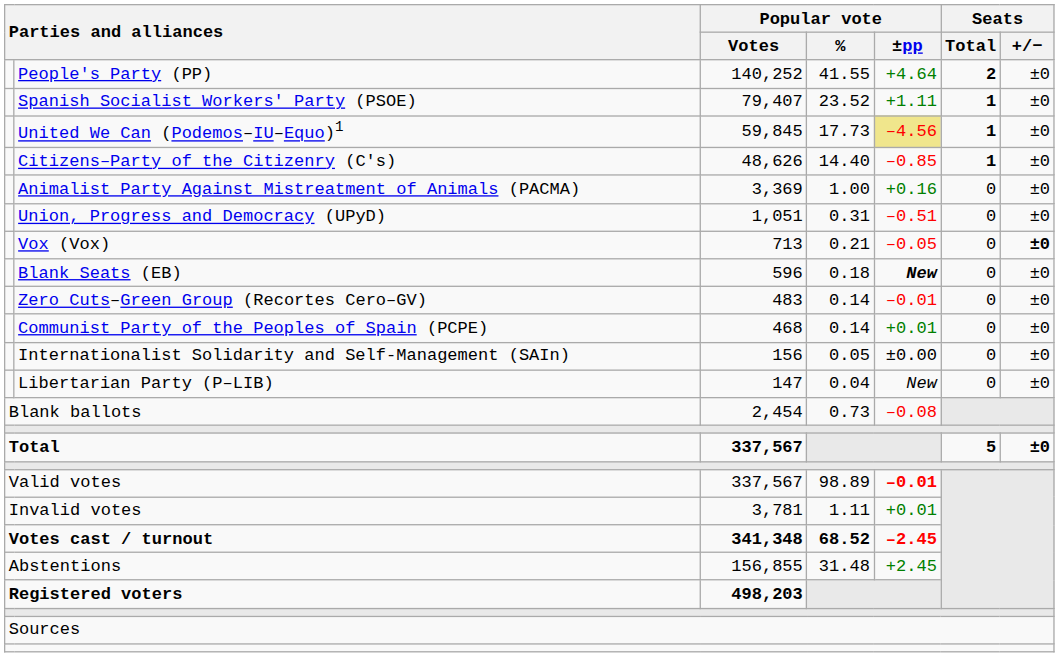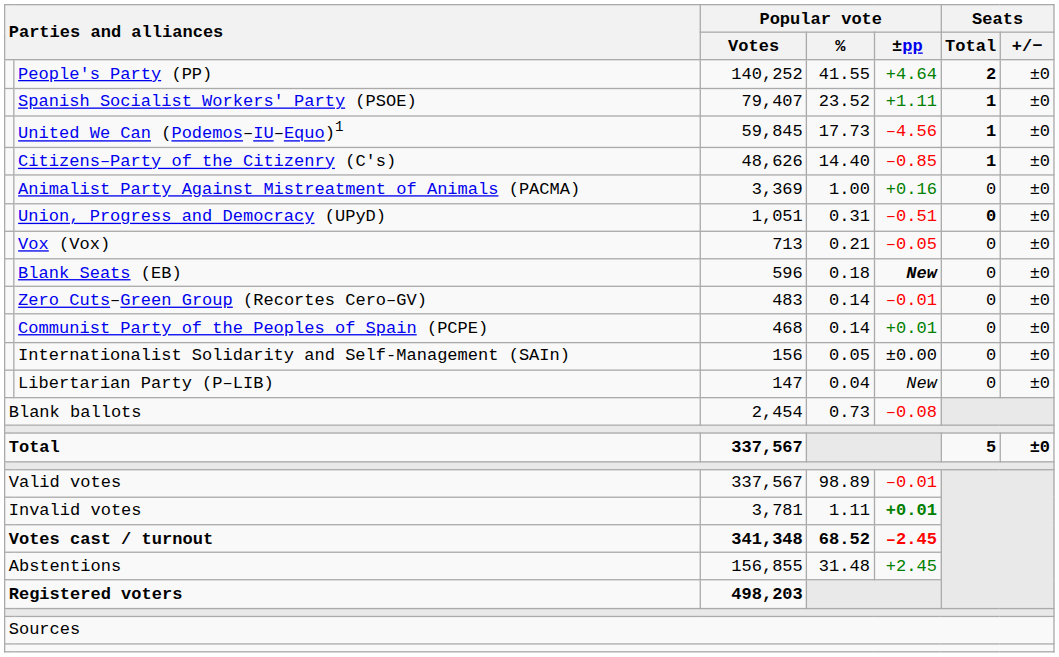 <table class="wikitable" style="text-align:right;">
 <tr>
 <th style="text-align:left;" rowspan="2" colspan="2" width="525">Parties and alliances</th>
 <th colspan="3">Popular vote</th>
 <th colspan="2">Seats</th>
 </tr>
 <tr>
 <th width="75">Votes</th>
 <th width="45">%</th>
 <th width="45">±<a href='#'>pp</a></th>
 <th width="35">Total</th>
 <th width="35">+/−</th>
 </tr>
 <tr>
 <td width="1" style="color:inherit;background:"></td>
 <td align="left"><a href='#'>People's Party</a> (PP)</td>
 <td>140,252</td>
 <td>41.55</td>
 <td style="color:green;">+4.64</td>
 <td><strong>2</strong></td>
 <td>±0</td>
 </tr>
 <tr>
 <td style="color:inherit;background:"></td>
 <td align="left"><a href='#'>Spanish Socialist Workers' Party</a> (PSOE)</td>
 <td>79,407</td>
 <td>23.52</td>
 <td style="color:green;">+1.11</td>
 <td><strong>1</strong></td>
 <td>±0</td>
 </tr>
 <tr>
 <td style="color:inherit;background:"></td>
 <td align="left"><a href='#'>United We Can</a> (<a href='#'>Podemos</a>–<a href='#'>IU</a>–<a href='#'>Equo</a>)<sup>1</sup></td>
 <td>59,845</td>
 <td>17.73</td>
-<td style="background: khaki; color:red;">–4.56</td>
+<td style="color:red;">–4.56</td>
 <td><strong>1</strong></td>
 <td>±0</td>
 </tr>
 <tr>
 <td style="color:inherit;background:"></td>
 <td align="left"><a href='#'>Citizens–Party of the Citizenry</a> (C's)</td>
 <td>48,626</td>
 <td>14.40</td>
 <td style="color:red;">–0.85</td>
 <td><strong>1</strong></td>
 <td>±0</td>
 </tr>
 <tr>
 <td style="color:inherit;background:"></td>
 <td align="left"><a href='#'>Animalist Party Against Mistreatment of Animals</a> (PACMA)</td>
 <td>3,369</td>
 <td>1.00</td>
 <td style="color:green;">+0.16</td>
 <td>0</td>
 <td>±0</td>
 </tr>
 <tr>
 <td style="color:inherit;background:"></td>
 <td align="left"><a href='#'>Union, Progress and Democracy</a> (UPyD)</td>
 <td>1,051</td>
 <td>0.31</td>
 <td style="color:red;">–0.51</td>
-<td>0</td>
+<td><strong>0</strong></td>
 <td>±0</td>
 </tr>
 <tr>
 <td style="color:inherit;background:"></td>
 <td align="left"><a href='#'>Vox</a> (Vox)</td>
 <td>713</td>
 <td>0.21</td>
 <td style="color:red;">–0.05</td>
 <td>0</td>
-<td><strong>±0</strong></td>
+<td>±0</td>
 </tr>
 <tr>
 <td style="color:inherit;background:"></td>
 <td align="left"><a href='#'>Blank Seats</a> (EB)</td>
 <td>596</td>
 <td>0.18</td>
 <td><strong><em>New</em></strong></td>
 <td>0</td>
 <td>±0</td>
 </tr>
 <tr>
 <td style="color:inherit;background:"></td>
 <td align="left"><a href='#'>Zero Cuts</a>–<a href='#'>Green Group</a> (Recortes Cero–GV)</td>
 <td>483</td>
 <td>0.14</td>
 <td style="color:red;">–0.01</td>
 <td>0</td>
 <td>±0</td>
 </tr>
 <tr>
 <td style="color:inherit;background:"></td>
 <td align="left"><a href='#'>Communist Party of the Peoples of Spain</a> (PCPE)</td>
 <td>468</td>
 <td>0.14</td>
 <td style="color:green;">+0.01</td>
 <td>0</td>
 <td>±0</td>
 </tr>
 <tr>
 <td style="color:inherit;background:"></td>
 <td align="left">Internationalist Solidarity and Self-Management (SAIn)</td>
 <td>156</td>
 <td>0.05</td>
 <td>±0.00</td>
 <td>0</td>
 <td>±0</td>
 </tr>
 <tr>
 <td style="color:inherit;background:"></td>
 <td align="left">Libertarian Party (P–LIB)</td>
 <td>147</td>
 <td>0.04</td>
 <td><em>New</em></td>
 <td>0</td>
 <td>±0</td>
 </tr>
 <tr>
 <td align="left" colspan="2">Blank ballots</td>
 <td>2,454</td>
 <td>0.73</td>
 <td style="color:red;">–0.08</td>
 <td bgcolor="#E9E9E9" colspan="2"></td>
 </tr>
 <tr>
 <td colspan="7" bgcolor="#E9E9E9"></td>
 </tr>
 <tr style="font-weight:bold;">
 <td align="left" colspan="2">Total</td>
 <td>337,567</td>
 <td bgcolor="#E9E9E9" colspan="2"></td>
 <td>5</td>
 <td>±0</td>
 </tr>
 <tr>
 <td colspan="7" bgcolor="#E9E9E9"></td>
 </tr>
 <tr>
 <td align="left" colspan="2">Valid votes</td>
 <td>337,567</td>
 <td>98.89</td>
-<td style="color:red;"><strong>–0.01</strong></td>
+<td style="color:red;">–0.01</td>
 <td bgcolor="#E9E9E9" colspan="2" rowspan="5"></td>
 </tr>
 <tr>
 <td align="left" colspan="2">Invalid votes</td>
 <td>3,781</td>
 <td>1.11</td>
-<td style="color:green;">+0.01</td>
+<td style="color:green;"><strong>+0.01</strong></td>
 </tr>
 <tr style="font-weight:bold;">
 <td align="left" colspan="2">Votes cast / turnout</td>
 <td>341,348</td>
 <td>68.52</td>
 <td style="color:red;">–2.45</td>
 </tr>
 <tr>
 <td align="left" colspan="2">Abstentions</td>
 <td>156,855</td>
 <td>31.48</td>
 <td style="color:green;">+2.45</td>
 </tr>
 <tr style="font-weight:bold;">
 <td align="left" colspan="2">Registered voters</td>
 <td>498,203</td>
 <td bgcolor="#E9E9E9" colspan="2"></td>
 </tr>
 <tr>
 <td colspan="7" bgcolor="#E9E9E9"></td>
 </tr>
 <tr>
 <td align="left" colspan="7">Sources</td>
 </tr>
 <tr>
 <td colspan="7" style="text-align:left; max-width:790px;"></td>
 </tr>
 </table>
